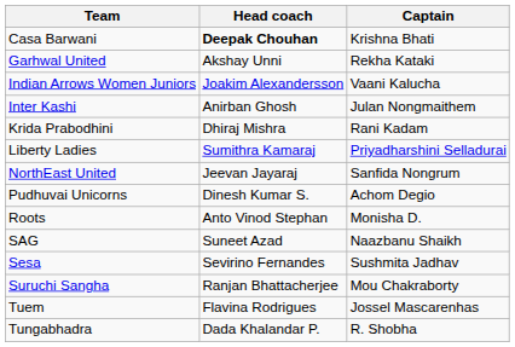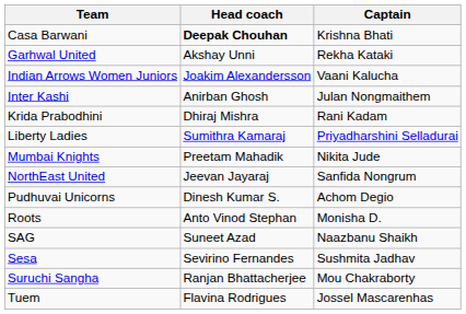 <table class="wikitable sortable" style="text-align: left">
 <tr>
 <th scope=col>Team</th>
 <th scope=col>Head coach</th>
 <th scope=col>Captain</th>
 </tr>
 <tr>
 <td>Casa Barwani</td>
 <td><strong> Deepak Chouhan</strong></td>
 <td> Krishna Bhati</td>
 </tr>
 <tr>
 <td><a href='#'>Garhwal United</a></td>
 <td> Akshay Unni</td>
 <td> Rekha Kataki</td>
 </tr>
 <tr>
 <td><a href='#'>Indian Arrows Women Juniors</a></td>
 <td> <a href='#'>Joakim Alexandersson</a></td>
 <td> Vaani Kalucha</td>
 </tr>
 <tr>
 <td><a href='#'>Inter Kashi</a></td>
 <td> Anirban Ghosh</td>
 <td> Julan Nongmaithem</td>
 </tr>
 <tr>
 <td>Krida Prabodhini</td>
 <td> Dhiraj Mishra</td>
 <td> Rani Kadam</td>
 </tr>
 <tr>
 <td>Liberty Ladies</td>
 <td> <a href='#'>Sumithra Kamaraj</a></td>
 <td> <a href='#'>Priyadharshini Selladurai</a></td>
 </tr>
 <tr>
+<td><a href='#'>Mumbai Knights</a></td>
+<td> Preetam Mahadik</td>
+<td> Nikita Jude</td>
+</tr>
+<tr>
 <td><a href='#'>NorthEast United</a></td>
 <td> Jeevan Jayaraj</td>
 <td> Sanfida Nongrum</td>
 </tr>
 <tr>
 <td>Pudhuvai Unicorns</td>
 <td> Dinesh Kumar S.</td>
 <td> Achom Degio</td>
 </tr>
 <tr>
 <td>Roots</td>
 <td> Anto Vinod Stephan</td>
 <td> Monisha D.</td>
 </tr>
 <tr>
 <td>SAG</td>
 <td> Suneet Azad</td>
 <td> Naazbanu Shaikh</td>
 </tr>
 <tr>
 <td><a href='#'>Sesa</a></td>
 <td> Sevirino Fernandes</td>
 <td> Sushmita Jadhav</td>
 </tr>
 <tr>
 <td><a href='#'>Suruchi Sangha</a></td>
 <td> Ranjan Bhattacherjee</td>
 <td> Mou Chakraborty</td>
 </tr>
 <tr>
 <td>Tuem</td>
 <td> Flavina Rodrigues</td>
 <td> Jossel Mascarenhas</td>
 </tr>
-<tr>
-<td>Tungabhadra</td>
-<td> Dada Khalandar P.</td>
-<td> R. Shobha</td>
-</tr>
 </table>
